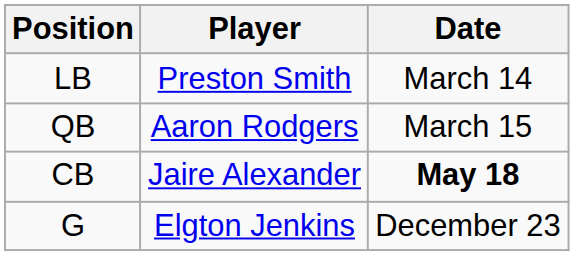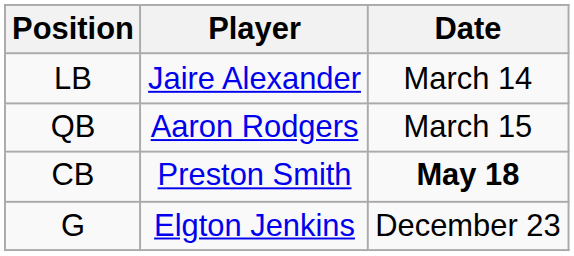 <table class="wikitable" style="text-align:center">
 <tr>
 <th>Position</th>
 <th>Player</th>
 <th>Date</th>
 </tr>
 <tr>
 <td>LB</td>
-<td><a href='#'>Preston Smith</a></td>
+<td><a href='#'>Jaire Alexander</a></td>
 <td>March 14</td>
 </tr>
 <tr>
 <td>QB</td>
 <td><a href='#'>Aaron Rodgers</a></td>
 <td>March 15</td>
 </tr>
 <tr>
 <td>CB</td>
-<td><a href='#'>Jaire Alexander</a></td>
+<td><a href='#'>Preston Smith</a></td>
 <td><strong>May 18</strong></td>
 </tr>
 <tr>
 <td>G</td>
 <td><a href='#'>Elgton Jenkins</a></td>
 <td>December 23</td>
 </tr>
 </table>
